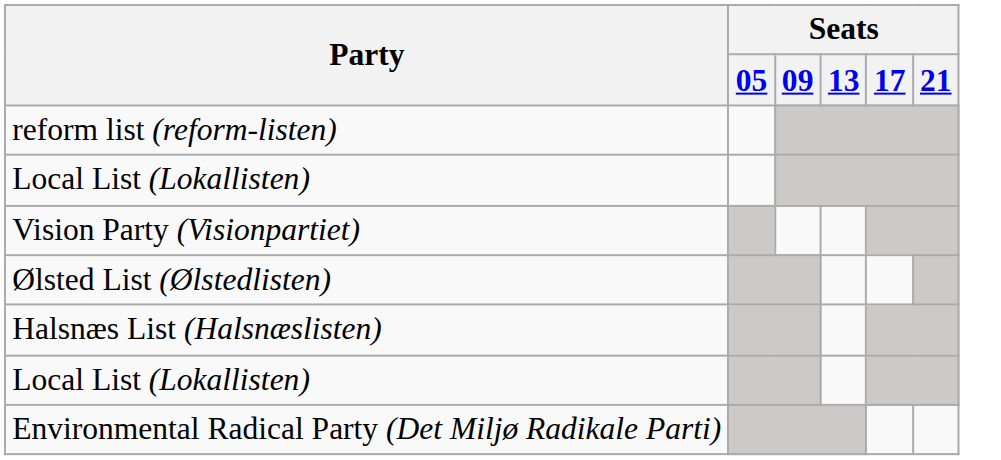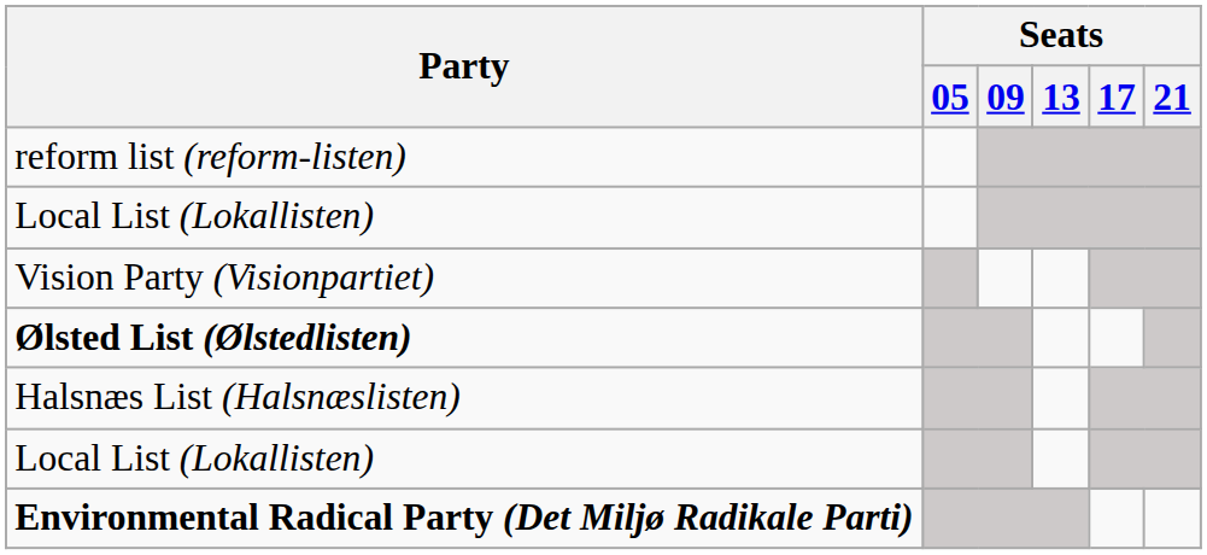 <table class="wikitable">
 <tr>
 <th rowspan=2>Party</th>
 <th colspan=11>Seats</th>
 </tr>
 <tr>
 <th><a href='#'>05</a></th>
 <th><a href='#'>09</a></th>
 <th><a href='#'>13</a></th>
 <th><a href='#'>17</a></th>
 <th><a href='#'>21</a></th>
 </tr>
 <tr>
 <td>reform list <em>(reform-listen)</em></td>
 <td></td>
 <td style="background:#CDC9C9;" colspan=4></td>
 </tr>
 <tr>
 <td>Local List <em>(Lokallisten)</em></td>
 <td></td>
 <td style="background:#CDC9C9;" colspan=4></td>
 </tr>
 <tr>
 <td>Vision Party <em>(Visionpartiet)</em></td>
 <td style="background:#CDC9C9;"></td>
 <td></td>
 <td></td>
 <td style="background:#CDC9C9;" colspan=2></td>
 </tr>
 <tr>
-<td>Ølsted List <em>(Ølstedlisten)</em></td>
+<td><strong>Ølsted List <em>(Ølstedlisten)</em></strong></td>
 <td style="background:#CDC9C9;" colspan=2></td>
 <td></td>
 <td></td>
 <td style="background:#CDC9C9;"></td>
 </tr>
 <tr>
 <td>Halsnæs List <em>(Halsnæslisten)</em></td>
 <td style="background:#CDC9C9;" colspan=2></td>
 <td></td>
 <td style="background:#CDC9C9;" colspan=2></td>
 </tr>
 <tr>
 <td>Local List <em>(Lokallisten)</em></td>
 <td style="background:#CDC9C9;" colspan=2></td>
 <td></td>
 <td style="background:#CDC9C9;" colspan=2></td>
 </tr>
 <tr>
-<td>Environmental Radical Party <em>(Det Miljø Radikale Parti)</em></td>
+<td><strong>Environmental Radical Party <em>(Det Miljø Radikale Parti)</em></strong></td>
 <td style="background:#CDC9C9;" colspan="3"></td>
 <td></td>
 <td></td>
 </tr>
 </table>
